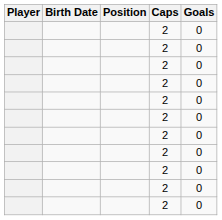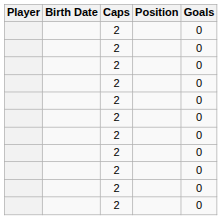 <table class="wikitable plainrowheaders sortable" style="text-align:center;">
 <tr>
 <th scope="col">Player</th>
 <th scope="col">Birth Date</th>
+<th scope="col">Caps</th>
 <th scope="col">Position</th>
-<th scope="col">Caps</th>
 <th scope="col">Goals</th>
 </tr>
 <tr>
 <th scope="row"></th>
 <td align="left"></td>
+<td>2</td>
 <td></td>
-<td>2</td>
 <td>0</td>
 </tr>
 <tr>
 <th scope="row"></th>
 <td align="left"></td>
+<td>2</td>
 <td></td>
-<td>2</td>
 <td>0</td>
 </tr>
 <tr>
 <th scope="row"></th>
 <td align="left"></td>
+<td>2</td>
 <td></td>
-<td>2</td>
 <td>0</td>
 </tr>
 <tr>
 <th scope="row"></th>
 <td align="left"></td>
+<td>2</td>
 <td></td>
-<td>2</td>
 <td>0</td>
 </tr>
 <tr>
 <th scope="row"></th>
 <td align="left"></td>
+<td>2</td>
 <td></td>
-<td>2</td>
 <td>0</td>
 </tr>
 <tr>
 <th scope="row"></th>
 <td align="left"></td>
+<td>2</td>
 <td></td>
-<td>2</td>
 <td>0</td>
 </tr>
 <tr>
 <th scope="row"></th>
 <td align="left"></td>
+<td>2</td>
 <td></td>
-<td>2</td>
 <td>0</td>
 </tr>
 <tr>
 <th scope="row"></th>
 <td align="left"></td>
+<td>2</td>
 <td></td>
-<td>2</td>
 <td>0</td>
 </tr>
 <tr>
 <th scope="row"></th>
 <td align="left"></td>
+<td>2</td>
 <td></td>
-<td>2</td>
 <td>0</td>
 </tr>
 <tr>
 <th scope="row"></th>
 <td align="left"></td>
+<td>2</td>
 <td></td>
-<td>2</td>
 <td>0</td>
 </tr>
 <tr>
 <th scope="row"></th>
 <td align="left"></td>
+<td>2</td>
 <td></td>
-<td>2</td>
 <td>0</td>
 </tr>
 </table>
